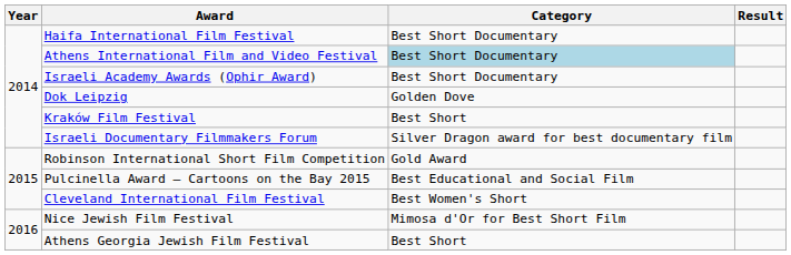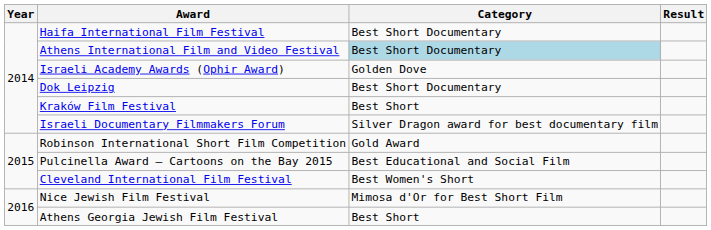 <table class="wikitable">
 <tr>
 <th>Year</th>
 <th>Award</th>
 <th>Category</th>
 <th>Result</th>
 </tr>
 <tr>
 <td rowspan="6">2014</td>
 <td><a href='#'>Haifa International Film Festival</a></td>
 <td>Best Short Documentary</td>
 <td></td>
 </tr>
 <tr>
 <td><a href='#'>Athens International Film and Video Festival</a></td>
 <td style="background: lightblue;">Best Short Documentary</td>
 <td></td>
 </tr>
 <tr>
 <td><a href='#'>Israeli Academy Awards</a> (<a href='#'>Ophir Award</a>)</td>
-<td>Best Short Documentary</td>
+<td>Golden Dove</td>
 <td></td>
 </tr>
 <tr>
 <td><a href='#'>Dok Leipzig</a></td>
-<td>Golden Dove</td>
+<td>Best Short Documentary</td>
 <td></td>
 </tr>
 <tr>
 <td><a href='#'>Kraków Film Festival</a></td>
 <td>Best Short</td>
 <td></td>
 </tr>
 <tr>
 <td><a href='#'>Israeli Documentary Filmmakers Forum</a></td>
 <td>Silver Dragon award for best documentary film</td>
 <td></td>
 </tr>
 <tr>
 <td rowspan="3">2015</td>
 <td>Robinson International Short Film Competition</td>
 <td>Gold Award</td>
 <td></td>
 </tr>
 <tr>
 <td>Pulcinella Award – Cartoons on the Bay 2015</td>
 <td>Best Educational and Social Film</td>
 <td></td>
 </tr>
 <tr>
 <td><a href='#'>Cleveland International Film Festival</a></td>
 <td>Best Women's Short</td>
 <td></td>
 </tr>
 <tr>
 <td rowspan="2">2016</td>
 <td>Nice Jewish Film Festival</td>
 <td>Mimosa d'Or for Best Short Film</td>
 <td></td>
 </tr>
 <tr>
 <td>Athens Georgia Jewish Film Festival</td>
 <td>Best Short</td>
 <td></td>
 </tr>
 </table>
